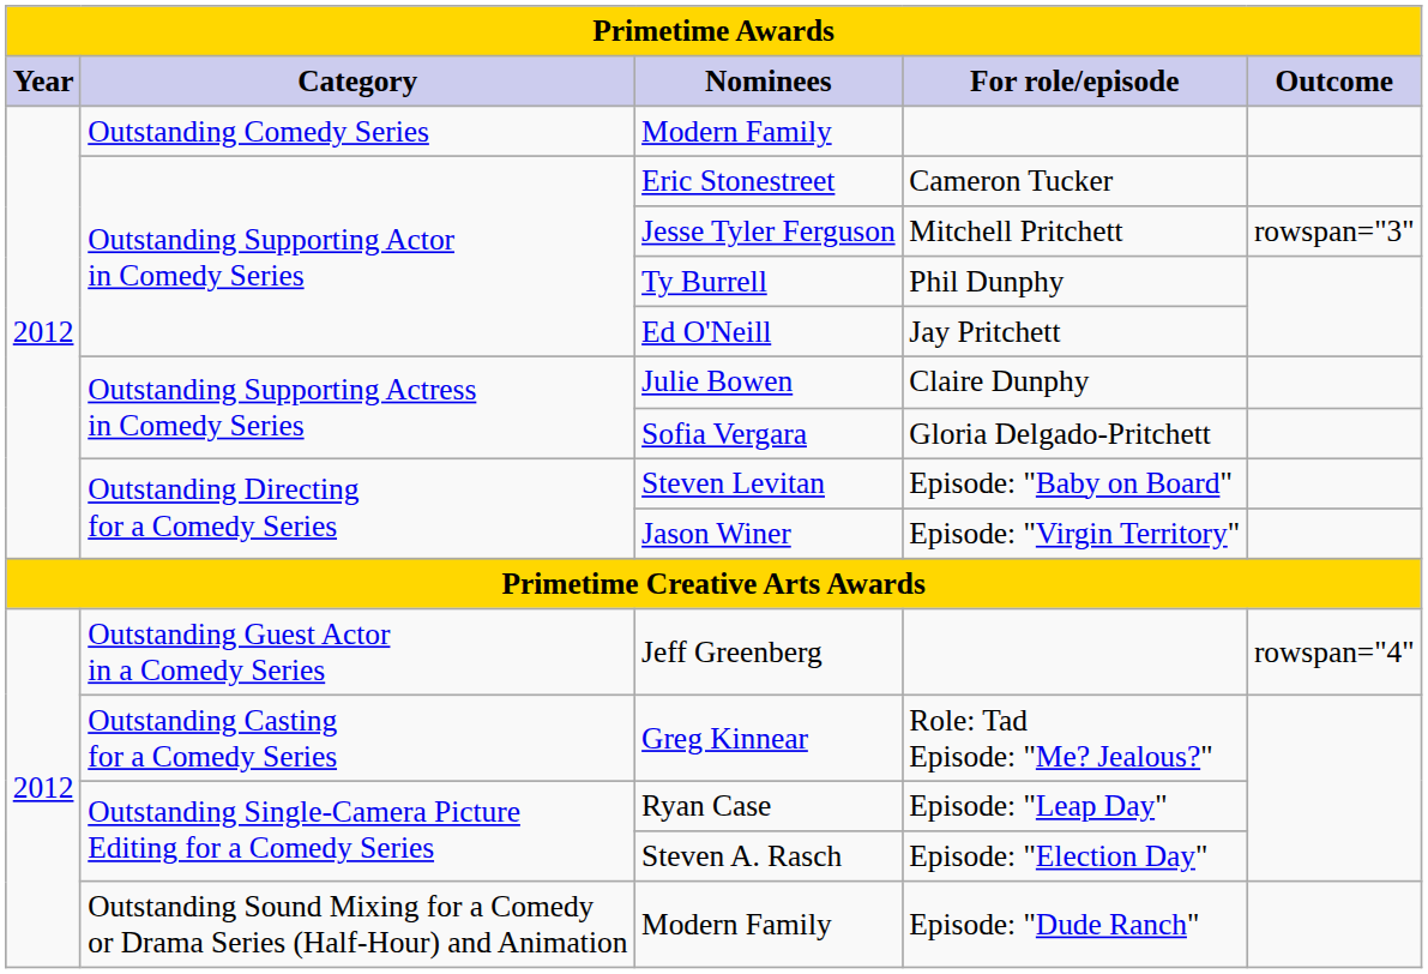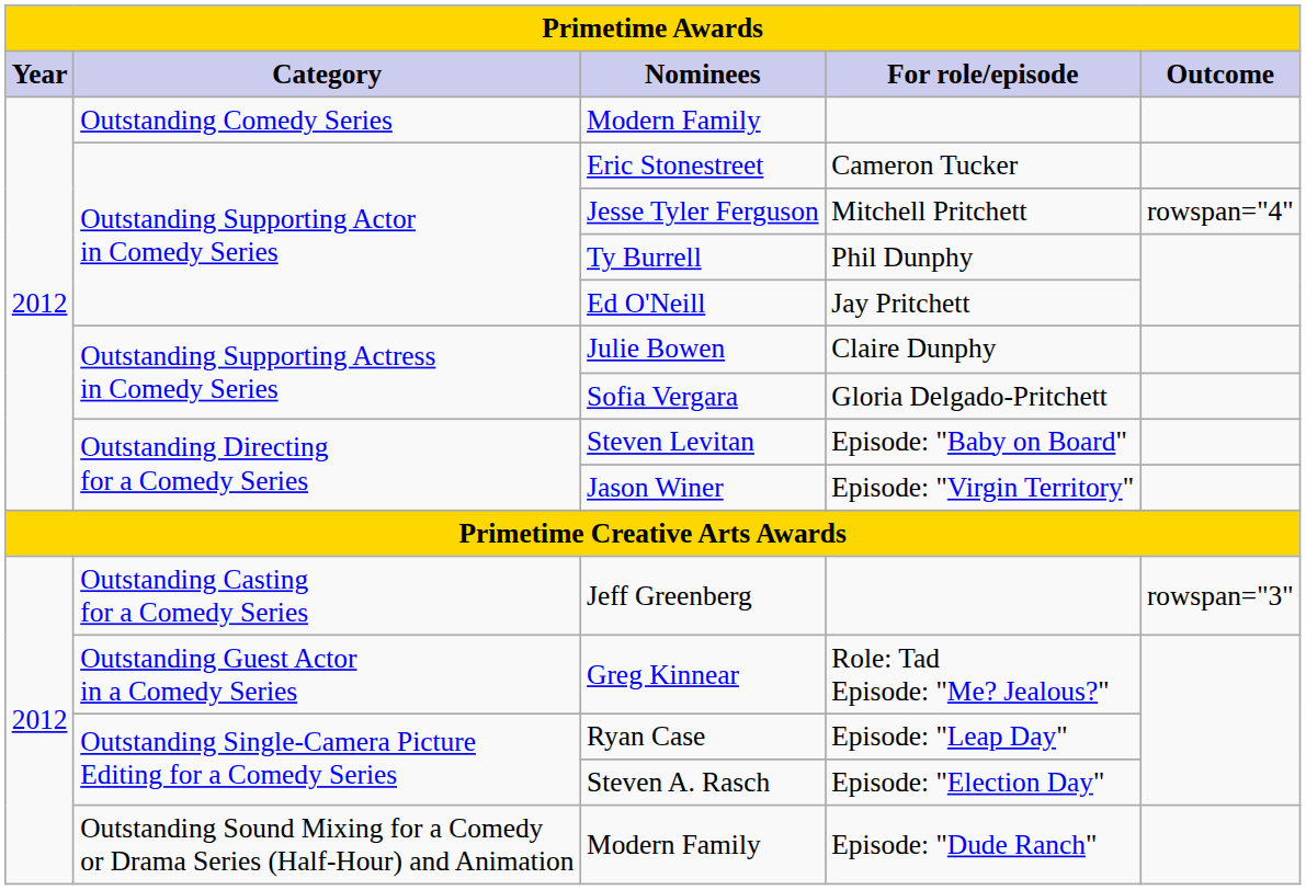 <table class="wikitable" style="font-size: 95%;">
 <tr>
 <th colspan="5" style="background: Gold;">Primetime Awards</th>
 </tr>
 <tr style="text-align:center;">
 <th style="background:#cce;">Year</th>
 <th style="background:#cce;">Category</th>
 <th style="background:#cce;">Nominees</th>
 <th style="background:#cce;">For role/episode</th>
 <th style="background:#cce;">Outcome</th>
 </tr>
 <tr>
 <td rowspan="9"><a href='#'>2012</a></td>
 <td><a href='#'>Outstanding Comedy Series</a></td>
 <td><a href='#'>Modern Family</a></td>
 <td></td>
 <td></td>
 </tr>
 <tr>
 <td rowspan="4"><a href='#'>Outstanding Supporting Actor<br>in Comedy Series</a></td>
 <td><a href='#'>Eric Stonestreet</a></td>
 <td>Cameron Tucker</td>
 <td></td>
 </tr>
 <tr>
 <td><a href='#'>Jesse Tyler Ferguson</a></td>
 <td>Mitchell Pritchett</td>
-<td>rowspan="3" </td>
+<td>rowspan="4" </td>
 </tr>
 <tr>
 <td><a href='#'>Ty Burrell</a></td>
 <td>Phil Dunphy</td>
 </tr>
 <tr>
 <td><a href='#'>Ed O'Neill</a></td>
 <td>Jay Pritchett</td>
 </tr>
 <tr>
 <td rowspan="2"><a href='#'>Outstanding Supporting Actress<br>in Comedy Series</a></td>
 <td><a href='#'>Julie Bowen</a></td>
 <td>Claire Dunphy</td>
 <td></td>
 </tr>
 <tr>
 <td><a href='#'>Sofia Vergara</a></td>
 <td>Gloria Delgado-Pritchett</td>
 <td></td>
 </tr>
 <tr>
 <td rowspan="2"><a href='#'>Outstanding Directing<br>for a Comedy Series</a></td>
 <td><a href='#'>Steven Levitan</a></td>
 <td>Episode: "<a href='#'>Baby on Board</a>"</td>
 <td></td>
 </tr>
 <tr>
 <td><a href='#'>Jason Winer</a></td>
 <td>Episode: "<a href='#'>Virgin Territory</a>"</td>
 <td></td>
 </tr>
 <tr>
 <th colspan="5" style="background: Gold;">Primetime Creative Arts Awards</th>
 </tr>
 <tr>
 <td rowspan="5"><a href='#'>2012</a></td>
-<td><a href='#'>Outstanding Guest Actor<br>in a Comedy Series</a></td>
+<td><a href='#'>Outstanding Casting<br>for a Comedy Series</a></td>
 <td>Jeff Greenberg</td>
 <td></td>
-<td>rowspan="4" </td>
+<td>rowspan="3" </td>
 </tr>
 <tr>
-<td><a href='#'>Outstanding Casting<br>for a Comedy Series</a></td>
+<td><a href='#'>Outstanding Guest Actor<br>in a Comedy Series</a></td>
 <td><a href='#'>Greg Kinnear</a></td>
 <td>Role: Tad<br>Episode: "<a href='#'>Me? Jealous?</a>"</td>
 </tr>
 <tr>
 <td rowspan="2"><a href='#'>Outstanding Single-Camera Picture<br>Editing for a Comedy Series</a></td>
 <td>Ryan Case</td>
 <td>Episode: "<a href='#'>Leap Day</a>"</td>
 </tr>
 <tr>
 <td>Steven A. Rasch</td>
 <td>Episode: "<a href='#'>Election Day</a>"</td>
 </tr>
 <tr>
 <td>Outstanding Sound Mixing for a Comedy<br>or Drama Series (Half-Hour) and Animation</td>
 <td>Modern Family</td>
 <td>Episode: "<a href='#'>Dude Ranch</a>"</td>
 <td></td>
 </tr>
 </table>
